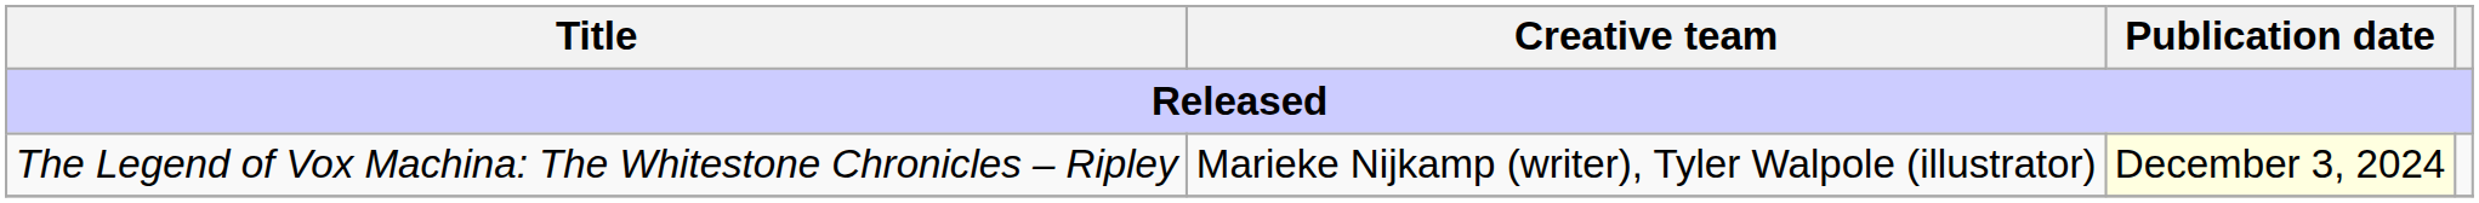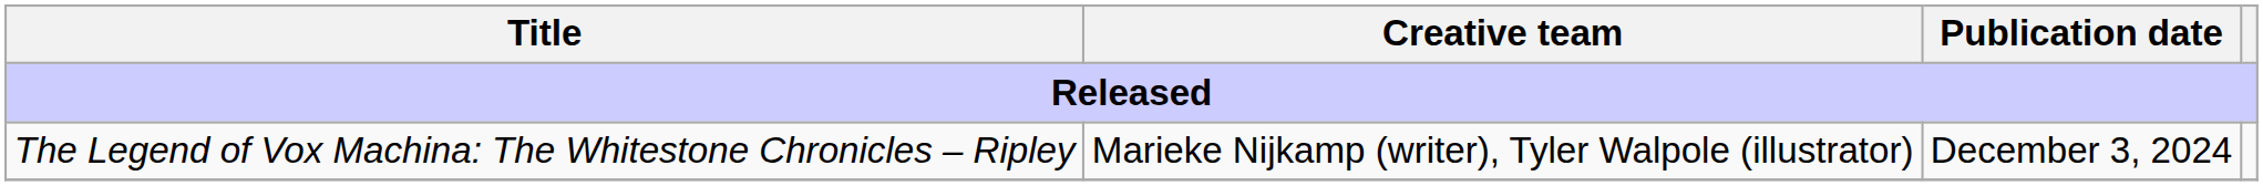 <table class="wikitable">
 <tr>
 <th>Title</th>
 <th>Creative team</th>
 <th>Publication date</th>
 <th></th>
 </tr>
 <tr>
 <th colspan="4" style="background-color:#ccccff;">Released</th>
 </tr>
 <tr>
 <td><em>The Legend of Vox Machina: The Whitestone Chronicles – Ripley</em></td>
 <td>Marieke Nijkamp (writer), Tyler Walpole (illustrator)</td>
-<td style="background: lightyellow;">December 3, 2024</td>
+<td>December 3, 2024</td>
 <td></td>
 </tr>
 <tr>
 </tr>
 </table>
